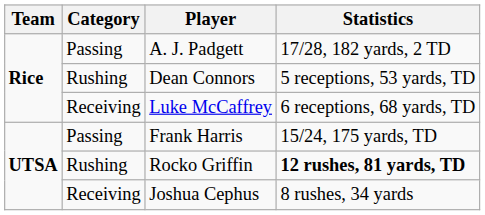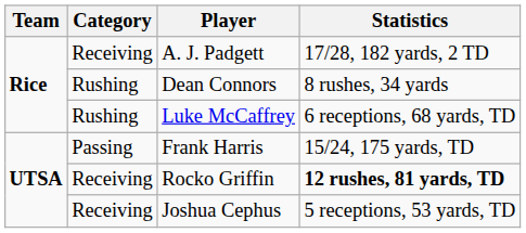 <table class="wikitable" style="float: right;">
 <tr>
 <th>Team</th>
 <th>Category</th>
 <th>Player</th>
 <th>Statistics</th>
 </tr>
 <tr>
 <td rowspan=3><strong>Rice</strong></td>
-<td>Passing</td>
+<td>Receiving</td>
 <td>A. J. Padgett</td>
 <td>17/28, 182 yards, 2 TD</td>
 </tr>
 <tr>
 <td>Rushing</td>
 <td>Dean Connors</td>
-<td>5 receptions, 53 yards, TD</td>
+<td>8 rushes, 34 yards</td>
 </tr>
 <tr>
-<td>Receiving</td>
+<td>Rushing</td>
 <td><a href='#'>Luke McCaffrey</a></td>
 <td>6 receptions, 68 yards, TD</td>
 </tr>
 <tr>
 <td rowspan=3><strong>UTSA</strong></td>
 <td>Passing</td>
 <td>Frank Harris</td>
 <td>15/24, 175 yards, TD</td>
 </tr>
 <tr>
-<td>Rushing</td>
+<td>Receiving</td>
 <td>Rocko Griffin</td>
 <td><strong>12 rushes, 81 yards, TD</strong></td>
 </tr>
 <tr>
 <td>Receiving</td>
 <td>Joshua Cephus</td>
-<td>8 rushes, 34 yards</td>
+<td>5 receptions, 53 yards, TD</td>
 </tr>
 </table>
